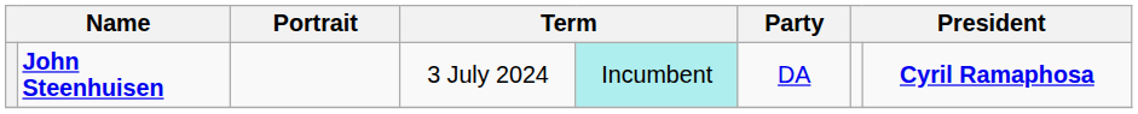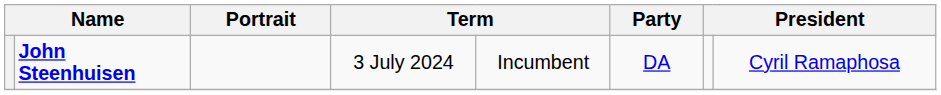 <table class="wikitable" width=60%>
 <tr>
 <th colspan=2 width=20%>Name</th>
 <th width=75>Portrait</th>
 <th colspan=2 width=30%>Term</th>
 <th width=10%>Party</th>
 <th colspan=2 width=25%>President</th>
 </tr>
 <tr style="text-align:center">
 <th style="width:1%;background-color: "></th>
 <td align=left><strong><a href='#'>John Steenhuisen</a></strong></td>
 <td></td>
 <td>3 July 2024</td>
-<td style="background: paleturquoise;">Incumbent</td>
+<td>Incumbent</td>
 <td><a href='#'>DA</a></td>
 <td style="width:1%;background-color: "></td>
-<td><strong><a href='#'>Cyril Ramaphosa</a></strong></td>
+<td><a href='#'>Cyril Ramaphosa</a></td>
 </tr>
 <tr>
 </tr>
 </table>
